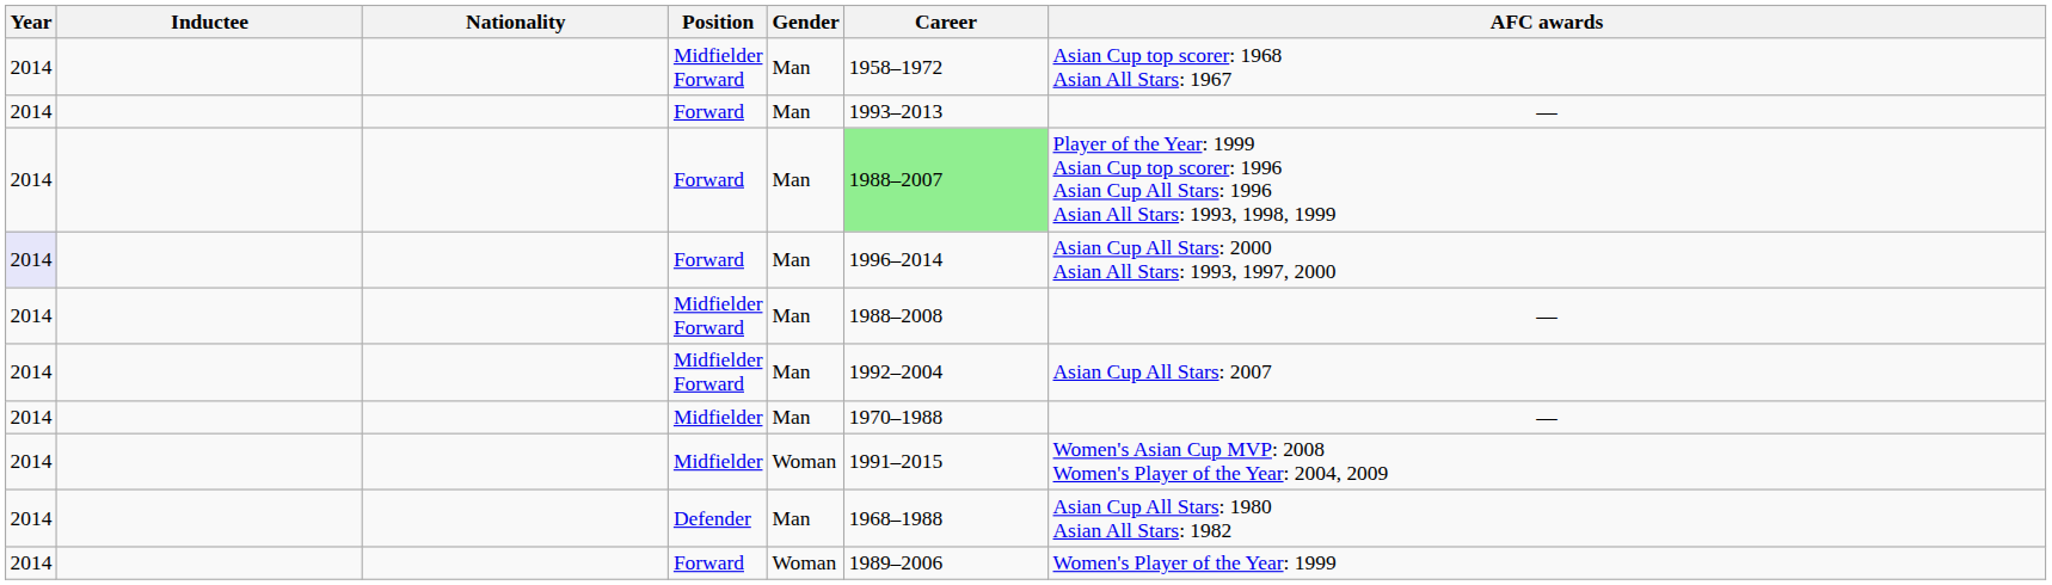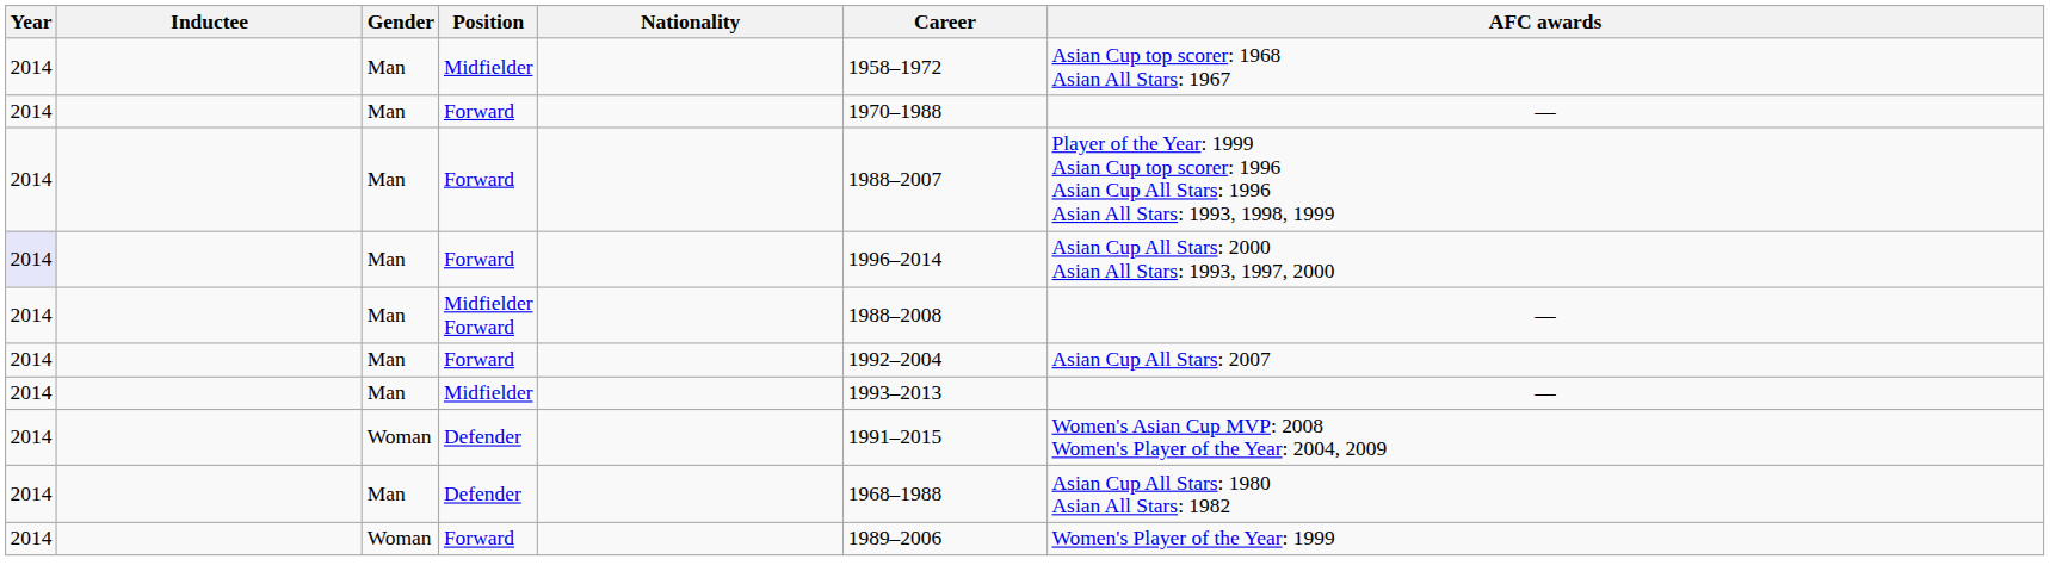 <table class="wikitable sortable" style="text-align: centre;">
 <tr>
 <th style="width:1%;">Year</th>
 <th style="width:15%;">Inductee</th>
+<th style="width:1%;">Gender</th>
+<th style="width:1%;">Position</th>
 <th style="width:15%;">Nationality</th>
-<th style="width:1%;">Position</th>
-<th style="width:1%;">Gender</th>
 <th style="width:10%;">Career</th>
 <th class="unsortable">AFC awards</th>
 </tr>
 <tr>
 <td>2014</td>
 <td scope=row style=text-align:left></td>
+<td>Man</td>
+<td><a href='#'>Midfielder</a></td>
 <td align="left"></td>
-<td><a href='#'>Midfielder</a> <br><a href='#'>Forward</a></td>
-<td>Man</td>
 <td>1958–1972</td>
 <td><a href='#'>Asian Cup top scorer</a>: 1968 <br><a href='#'>Asian All Stars</a>: 1967</td>
 </tr>
 <tr>
 <td>2014</td>
 <td scope=row style=text-align:left></td>
+<td>Man</td>
+<td><a href='#'>Forward</a></td>
 <td align="left"></td>
-<td><a href='#'>Forward</a></td>
-<td>Man</td>
-<td>1993–2013</td>
+<td>1970–1988</td>
 <td align="center">—</td>
 </tr>
 <tr>
 <td>2014</td>
 <td scope=row style=text-align:left></td>
+<td>Man</td>
+<td><a href='#'>Forward</a></td>
 <td align="left"></td>
-<td><a href='#'>Forward</a></td>
-<td>Man</td>
-<td style="background: lightgreen;">1988–2007</td>
+<td>1988–2007</td>
 <td><a href='#'>Player of the Year</a>: 1999 <br><a href='#'>Asian Cup top scorer</a>: 1996 <br><a href='#'>Asian Cup All Stars</a>: 1996 <br><a href='#'>Asian All Stars</a>: 1993, 1998, 1999</td>
 </tr>
 <tr>
 <td style="background: lavender;">2014</td>
 <td scope=row style=text-align:left></td>
+<td>Man</td>
+<td><a href='#'>Forward</a></td>
 <td align="left"></td>
-<td><a href='#'>Forward</a></td>
-<td>Man</td>
 <td>1996–2014</td>
 <td><a href='#'>Asian Cup All Stars</a>: 2000 <br><a href='#'>Asian All Stars</a>: 1993, 1997, 2000</td>
 </tr>
 <tr>
 <td>2014</td>
 <td scope=row style=text-align:left></td>
+<td>Man</td>
+<td><a href='#'>Midfielder</a> <br><a href='#'>Forward</a></td>
 <td align="left"></td>
-<td><a href='#'>Midfielder</a> <br><a href='#'>Forward</a></td>
-<td>Man</td>
 <td>1988–2008</td>
 <td align="center">—</td>
 </tr>
 <tr>
 <td>2014</td>
 <td scope=row style=text-align:left></td>
+<td>Man</td>
+<td><a href='#'>Forward</a></td>
 <td align="left"></td>
-<td><a href='#'>Midfielder</a> <br><a href='#'>Forward</a></td>
-<td>Man</td>
 <td>1992–2004</td>
 <td><a href='#'>Asian Cup All Stars</a>: 2007</td>
 </tr>
 <tr>
 <td>2014</td>
 <td scope=row style=text-align:left></td>
+<td>Man</td>
+<td><a href='#'>Midfielder</a></td>
 <td align="left"></td>
-<td><a href='#'>Midfielder</a></td>
-<td>Man</td>
-<td>1970–1988</td>
+<td>1993–2013</td>
 <td align="center">—</td>
 </tr>
 <tr>
 <td>2014</td>
 <td align="left"></td>
+<td>Woman</td>
+<td><a href='#'>Defender</a></td>
 <td align="left"></td>
-<td><a href='#'>Midfielder</a></td>
-<td>Woman</td>
 <td>1991–2015</td>
 <td><a href='#'>Women's Asian Cup MVP</a>: 2008 <br><a href='#'>Women's Player of the Year</a>: 2004, 2009</td>
 </tr>
 <tr>
 <td>2014</td>
 <td align="left"></td>
+<td>Man</td>
+<td><a href='#'>Defender</a></td>
 <td align="left"></td>
-<td><a href='#'>Defender</a></td>
-<td>Man</td>
 <td>1968–1988</td>
 <td><a href='#'>Asian Cup All Stars</a>: 1980 <br><a href='#'>Asian All Stars</a>: 1982</td>
 </tr>
 <tr>
 <td>2014</td>
 <td align="left"></td>
+<td>Woman</td>
+<td><a href='#'>Forward</a></td>
 <td align="left"></td>
-<td><a href='#'>Forward</a></td>
-<td>Woman</td>
 <td>1989–2006</td>
 <td><a href='#'>Women's Player of the Year</a>: 1999</td>
 </tr>
 </table>
